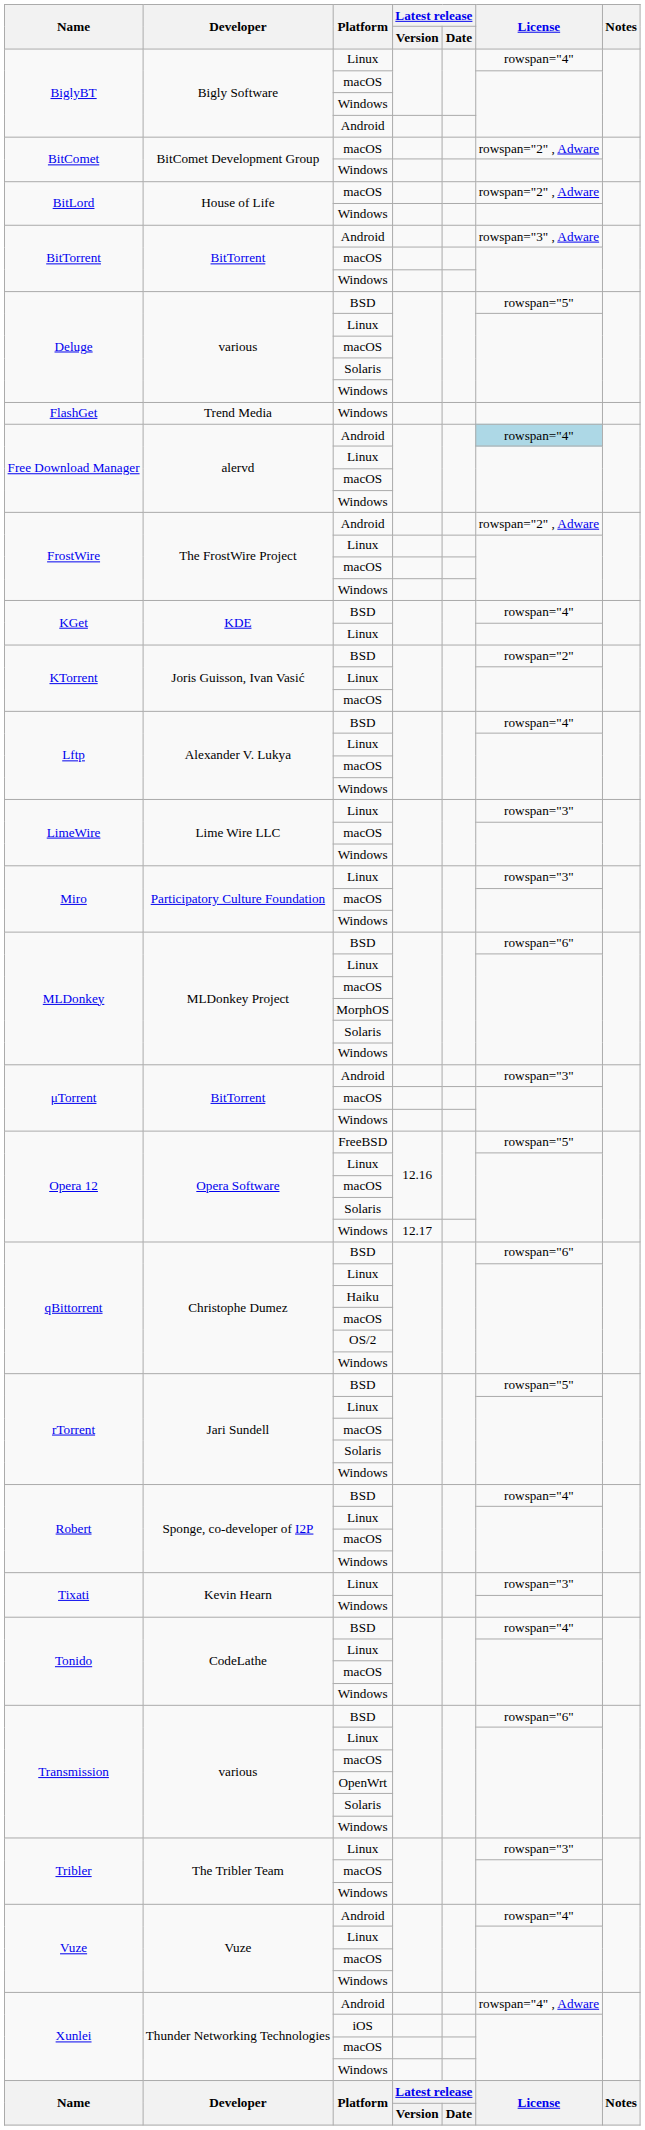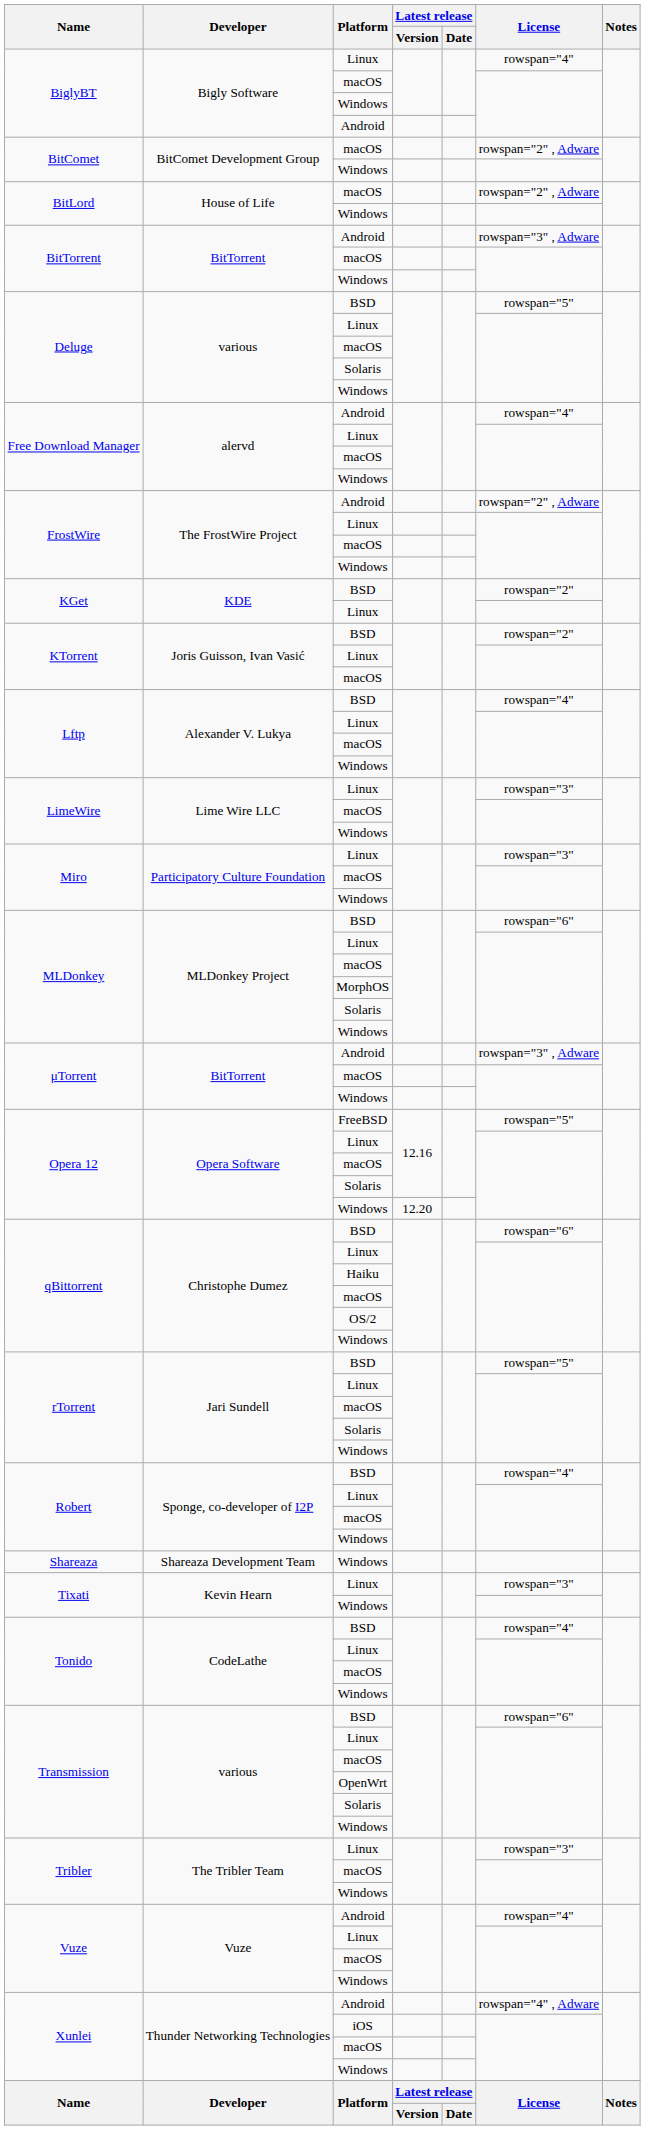 <table class="wikitable sortable sort-under" style="width: auto; text-align: center; font-size: smaller; table-layout: fixed;">
 <tr>
 <th rowspan="2">Name</th>
 <th rowspan="2">Developer</th>
 <th rowspan="2">Platform</th>
 <th colspan="2"><a href='#'>Latest release</a></th>
 <th rowspan="2"><a href='#'>License</a></th>
 <th rowspan="2">Notes</th>
 </tr>
 <tr>
 <th>Version </th>
 <th>Date </th>
 </tr>
 <tr>
 <td rowspan="4"><a href='#'>BiglyBT</a></td>
 <td rowspan="4">Bigly Software</td>
 <td>Linux</td>
 <td rowspan="3"></td>
 <td rowspan="3"></td>
 <td>rowspan="4" </td>
 <td rowspan="4"></td>
 </tr>
 <tr>
 <td>macOS</td>
 </tr>
 <tr>
 <td>Windows</td>
 </tr>
 <tr>
 <td>Android</td>
 <td></td>
 <td></td>
 </tr>
 <tr>
 <td rowspan="2"><a href='#'>BitComet</a></td>
 <td rowspan="2">BitComet Development Group</td>
 <td>macOS</td>
 <td></td>
 <td></td>
 <td>rowspan="2" , <a href='#'>Adware</a></td>
 <td rowspan="2"></td>
 </tr>
 <tr>
 <td>Windows</td>
 <td></td>
 <td></td>
 </tr>
 <tr>
 <td rowspan="2"><a href='#'>BitLord</a></td>
 <td rowspan="2">House of Life</td>
 <td>macOS</td>
 <td></td>
 <td></td>
 <td>rowspan="2" , <a href='#'>Adware</a></td>
 <td rowspan="2"></td>
 </tr>
 <tr>
 <td>Windows</td>
 <td></td>
 <td></td>
 </tr>
 <tr>
 <td rowspan="3"><a href='#'>BitTorrent</a></td>
 <td rowspan="3"><a href='#'>BitTorrent</a></td>
 <td>Android</td>
 <td></td>
 <td></td>
 <td>rowspan="3" , <a href='#'>Adware</a></td>
 <td rowspan="3"></td>
 </tr>
 <tr>
 <td>macOS</td>
 <td></td>
 <td></td>
 </tr>
 <tr>
 <td>Windows</td>
 <td></td>
 <td></td>
 </tr>
 <tr>
 <td rowspan="5"><a href='#'>Deluge</a></td>
 <td rowspan="5">various</td>
 <td>BSD</td>
 <td rowspan="5"></td>
 <td rowspan="5"></td>
 <td>rowspan="5" </td>
 <td rowspan="5"></td>
 </tr>
 <tr>
 <td>Linux</td>
 </tr>
 <tr>
 <td>macOS</td>
 </tr>
 <tr>
 <td>Solaris</td>
 </tr>
 <tr>
 <td>Windows</td>
 </tr>
 <tr>
-<td><a href='#'>FlashGet</a></td>
-<td>Trend Media</td>
-<td>Windows</td>
-<td></td>
-<td></td>
-<td></td>
-<td></td>
-</tr>
-<tr>
 <td rowspan="4"><a href='#'>Free Download Manager</a></td>
 <td rowspan="4">alervd</td>
 <td>Android</td>
 <td rowspan="4"></td>
 <td rowspan="4"></td>
-<td style="background: lightblue;">rowspan="4" </td>
+<td>rowspan="4" </td>
 <td rowspan="4"></td>
 </tr>
 <tr>
 <td>Linux</td>
 </tr>
 <tr>
 <td>macOS</td>
 </tr>
 <tr>
 <td>Windows</td>
 </tr>
 <tr>
 <td rowspan="4"><a href='#'>FrostWire</a></td>
 <td rowspan="4">The FrostWire Project</td>
 <td>Android</td>
 <td></td>
 <td></td>
 <td>rowspan="2" , <a href='#'>Adware</a></td>
 <td rowspan="4"></td>
 </tr>
 <tr>
 <td>Linux</td>
 <td></td>
 <td></td>
 </tr>
 <tr>
 <td>macOS</td>
 <td></td>
 <td></td>
 </tr>
 <tr>
 <td>Windows</td>
 <td></td>
 <td></td>
 </tr>
 <tr>
 <td rowspan="2"><a href='#'>KGet</a></td>
 <td rowspan="2"><a href='#'>KDE</a></td>
 <td>BSD</td>
 <td rowspan="2"></td>
 <td rowspan="2"></td>
-<td>rowspan="4" </td>
+<td>rowspan="2" </td>
 <td rowspan="2"></td>
 </tr>
 <tr>
 <td>Linux</td>
 </tr>
 <tr>
 <td rowspan="3"><a href='#'>KTorrent</a></td>
 <td rowspan="3">Joris Guisson, Ivan Vasić</td>
 <td>BSD</td>
 <td rowspan="3"></td>
 <td rowspan="3"></td>
 <td>rowspan="2" </td>
 <td rowspan="3"></td>
 </tr>
 <tr>
 <td>Linux</td>
 </tr>
 <tr>
 <td>macOS</td>
 </tr>
 <tr>
 <td rowspan="4"><a href='#'>Lftp</a></td>
 <td rowspan="4">Alexander V. Lukya</td>
 <td>BSD</td>
 <td rowspan="4"></td>
 <td rowspan="4"></td>
 <td>rowspan="4" </td>
 <td rowspan="4"></td>
 </tr>
 <tr>
 <td>Linux</td>
 </tr>
 <tr>
 <td>macOS</td>
 </tr>
 <tr>
 <td>Windows</td>
 </tr>
 <tr>
 <td rowspan="3"><a href='#'>LimeWire</a></td>
 <td rowspan="3">Lime Wire LLC</td>
 <td>Linux</td>
 <td rowspan="3"></td>
 <td rowspan="3"></td>
 <td>rowspan="3" </td>
 <td rowspan="3"></td>
 </tr>
 <tr>
 <td>macOS</td>
 </tr>
 <tr>
 <td>Windows</td>
 </tr>
 <tr>
 <td rowspan="3"><a href='#'>Miro</a></td>
 <td rowspan="3"><a href='#'>Participatory Culture Foundation</a></td>
 <td>Linux</td>
 <td rowspan="3"></td>
 <td rowspan="3"></td>
 <td>rowspan="3" </td>
 <td rowspan="3"></td>
 </tr>
 <tr>
 <td>macOS</td>
 </tr>
 <tr>
 <td>Windows</td>
 </tr>
 <tr>
 <td rowspan="6"><a href='#'>MLDonkey</a></td>
 <td rowspan="6">MLDonkey Project</td>
 <td>BSD</td>
 <td rowspan="6"></td>
 <td rowspan="6"></td>
 <td>rowspan="6" </td>
 <td rowspan="6"></td>
 </tr>
 <tr>
 <td>Linux</td>
 </tr>
 <tr>
 <td>macOS</td>
 </tr>
 <tr>
 <td>MorphOS</td>
 </tr>
 <tr>
 <td>Solaris</td>
 </tr>
 <tr>
 <td>Windows</td>
 </tr>
 <tr>
 <td rowspan="3"><a href='#'>μTorrent</a></td>
 <td rowspan="3"><a href='#'>BitTorrent</a></td>
 <td>Android</td>
 <td></td>
 <td></td>
-<td>rowspan="3" </td>
+<td>rowspan="3" , <a href='#'>Adware</a></td>
 <td rowspan="3"></td>
 </tr>
 <tr>
 <td>macOS</td>
 <td></td>
 <td></td>
 </tr>
 <tr>
 <td>Windows</td>
 <td></td>
 <td></td>
 </tr>
 <tr>
 <td rowspan="5"><a href='#'>Opera 12</a></td>
 <td rowspan="5"><a href='#'>Opera Software</a></td>
 <td>FreeBSD</td>
 <td rowspan="4">12.16</td>
 <td rowspan="4"></td>
 <td>rowspan="5" </td>
 <td rowspan="5"></td>
 </tr>
 <tr>
 <td>Linux</td>
 </tr>
 <tr>
 <td>macOS</td>
 </tr>
 <tr>
 <td>Solaris</td>
 </tr>
 <tr>
 <td>Windows</td>
-<td>12.17</td>
+<td>12.20</td>
 <td></td>
 </tr>
 <tr>
 <td rowspan="6"><a href='#'>qBittorrent</a></td>
 <td rowspan="6">Christophe Dumez</td>
 <td>BSD</td>
 <td rowspan="6"></td>
 <td rowspan="6"></td>
 <td>rowspan="6" </td>
 <td rowspan="6"></td>
 </tr>
 <tr>
 <td>Linux</td>
 </tr>
 <tr>
 <td>Haiku</td>
 </tr>
 <tr>
 <td>macOS</td>
 </tr>
 <tr>
 <td>OS/2</td>
 </tr>
 <tr>
 <td>Windows</td>
 </tr>
 <tr>
 <td rowspan="5"><a href='#'>rTorrent</a></td>
 <td rowspan="5">Jari Sundell</td>
 <td>BSD</td>
 <td rowspan="5"></td>
 <td rowspan="5"></td>
 <td>rowspan="5" </td>
 <td rowspan="5"></td>
 </tr>
 <tr>
 <td>Linux</td>
 </tr>
 <tr>
 <td>macOS</td>
 </tr>
 <tr>
 <td>Solaris</td>
 </tr>
 <tr>
 <td>Windows</td>
 </tr>
 <tr>
 <td rowspan="4"><a href='#'>Robert</a></td>
 <td rowspan="4">Sponge, co-developer of <a href='#'>I2P</a></td>
 <td>BSD</td>
 <td rowspan="4"></td>
 <td rowspan="4"></td>
 <td>rowspan="4" </td>
 <td rowspan="4"></td>
 </tr>
 <tr>
 <td>Linux</td>
 </tr>
 <tr>
 <td>macOS</td>
 </tr>
 <tr>
 <td>Windows</td>
+</tr>
+<tr>
+<td><a href='#'>Shareaza</a></td>
+<td>Shareaza Development Team</td>
+<td>Windows</td>
+<td></td>
+<td></td>
+<td></td>
+<td></td>
 </tr>
 <tr>
 <td rowspan="2"><a href='#'>Tixati</a></td>
 <td rowspan="2">Kevin Hearn</td>
 <td>Linux</td>
 <td rowspan="2"></td>
 <td rowspan="2"></td>
 <td>rowspan="3" </td>
 <td rowspan="2"></td>
 </tr>
 <tr>
 <td>Windows</td>
 </tr>
 <tr>
 <td rowspan="4"><a href='#'>Tonido</a></td>
 <td rowspan="4">CodeLathe</td>
 <td>BSD</td>
 <td rowspan="4"></td>
 <td rowspan="4"></td>
 <td>rowspan="4" </td>
 <td rowspan="4"></td>
 </tr>
 <tr>
 <td>Linux</td>
 </tr>
 <tr>
 <td>macOS</td>
 </tr>
 <tr>
 <td>Windows</td>
 </tr>
 <tr>
 <td rowspan="6"><a href='#'>Transmission</a></td>
 <td rowspan="6">various</td>
 <td>BSD</td>
 <td rowspan="6"></td>
 <td rowspan="6"></td>
 <td>rowspan="6" </td>
 <td rowspan="6"></td>
 </tr>
 <tr>
 <td>Linux</td>
 </tr>
 <tr>
 <td>macOS</td>
 </tr>
 <tr>
 <td>OpenWrt</td>
 </tr>
 <tr>
 <td>Solaris</td>
 </tr>
 <tr>
 <td>Windows</td>
 </tr>
 <tr>
 <td rowspan="3"><a href='#'>Tribler</a></td>
 <td rowspan="3">The Tribler Team</td>
 <td>Linux</td>
 <td rowspan="3"></td>
 <td rowspan="3"></td>
 <td>rowspan="3" </td>
 <td rowspan="3"></td>
 </tr>
 <tr>
 <td>macOS</td>
 </tr>
 <tr>
 <td>Windows</td>
 </tr>
 <tr>
 <td rowspan="4"><a href='#'>Vuze</a></td>
 <td rowspan="4">Vuze</td>
 <td>Android</td>
 <td rowspan="4"></td>
 <td rowspan="4"></td>
 <td>rowspan="4" </td>
 <td rowspan="4"></td>
 </tr>
 <tr>
 <td>Linux</td>
 </tr>
 <tr>
 <td>macOS</td>
 </tr>
 <tr>
 <td>Windows</td>
 </tr>
 <tr>
 <td rowspan="4"><a href='#'>Xunlei</a></td>
 <td rowspan="4">Thunder Networking Technologies</td>
 <td>Android</td>
 <td></td>
 <td></td>
 <td>rowspan="4" , <a href='#'>Adware</a></td>
 <td rowspan="4"></td>
 </tr>
 <tr>
 <td>iOS</td>
 <td></td>
 <td></td>
 </tr>
 <tr>
 <td>macOS</td>
 <td></td>
 <td></td>
 </tr>
 <tr>
 <td>Windows</td>
 <td></td>
 <td></td>
 </tr>
 <tr class="sortbottom">
 <th rowspan="2">Name</th>
 <th rowspan="2">Developer</th>
 <th rowspan="2">Platform</th>
 <th colspan="2"><a href='#'>Latest release</a></th>
 <th rowspan="2"><a href='#'>License</a></th>
 <th rowspan="2">Notes</th>
 </tr>
 <tr>
 <th>Version </th>
 <th>Date </th>
 </tr>
 </table>
